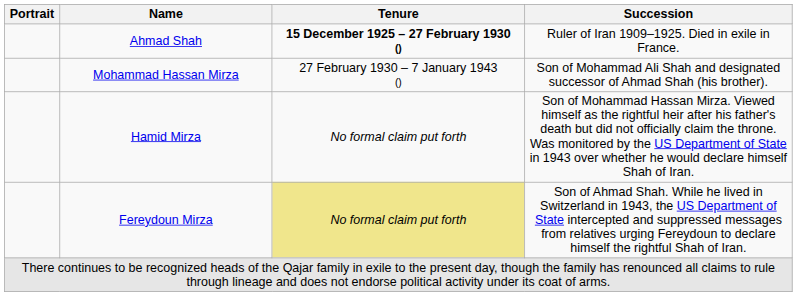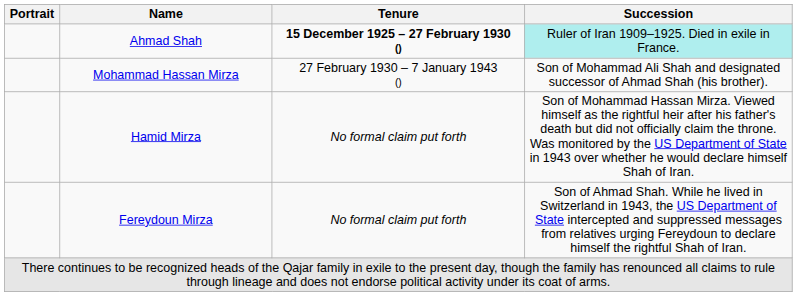 <table class="wikitable mw-collapsible mw-collapsed" style="text-align:center; width:80%;">
 <tr>
 <th width="7%">Portrait</th>
 <th width="27%">Name</th>
 <th width="32%">Tenure</th>
 <th width="34%">Succession</th>
 </tr>
 <tr>
 <td></td>
 <td><a href='#'>Ahmad Shah</a></td>
 <td><strong>15 December 1925 – 27 February 1930<br><small>()</small></strong></td>
-<td>Ruler of Iran 1909–1925. Died in exile in France.</td>
+<td style="background: paleturquoise;">Ruler of Iran 1909–1925. Died in exile in France.</td>
 </tr>
 <tr>
 <td></td>
 <td><a href='#'>Mohammad Hassan Mirza</a></td>
 <td>27 February 1930 – 7 January 1943<br><small>()</small></td>
 <td>Son of Mohammad Ali Shah and designated successor of Ahmad Shah (his brother).</td>
 </tr>
 <tr>
 <td></td>
 <td><a href='#'>Hamid Mirza</a></td>
 <td><em>No formal claim put forth</em></td>
 <td>Son of Mohammad Hassan Mirza. Viewed himself as the rightful heir after his father's death but did not officially claim the throne. Was monitored by the <a href='#'>US Department of State</a> in 1943 over whether he would declare himself Shah of Iran.</td>
 </tr>
 <tr>
 <td></td>
 <td><a href='#'>Fereydoun Mirza</a></td>
-<td style="background: khaki;"><em>No formal claim put forth</em></td>
+<td><em>No formal claim put forth</em></td>
 <td>Son of Ahmad Shah. While he lived in Switzerland in 1943, the <a href='#'>US Department of State</a> intercepted and suppressed messages from relatives urging Fereydoun to declare himself the rightful Shah of Iran.</td>
 </tr>
 <tr>
 <td colspan="4" style="background:#E6E6E6;">There continues to be recognized heads of the Qajar family in exile to the present day, though the family has renounced all claims to rule through lineage and does not endorse political activity under its coat of arms.</td>
 </tr>
 </table>
